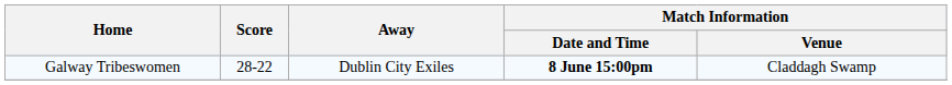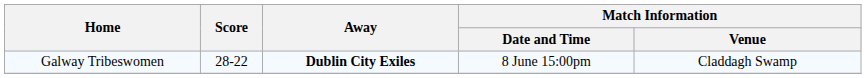 <table class="wikitable" border=1 style="border-collapse:collapse; font-size:90%; text-align:center;" cellpadding=3 cellspacing=0 width=100%>
 <tr style="background:#C1D8ff;">
 <th rowspan="2" width="19%">Home</th>
 <th rowspan="2" width="6%">Score</th>
 <th rowspan="2" width="19%">Away</th>
 <th colspan="4">Match Information</th>
 </tr>
 <tr style="background:#CCCCCC;">
 <th width="17%">Date and Time</th>
 <th width="22%">Venue</th>
 </tr>
 <tr bgcolor="#F5FAFF">
 <td>Galway Tribeswomen</td>
 <td>28-22</td>
-<td>Dublin City Exiles</td>
-<td><strong>8 June  15:00pm</strong></td>
+<td><strong>Dublin City Exiles</strong></td>
+<td>8 June  15:00pm</td>
 <td>Claddagh Swamp</td>
 </tr>
 <tr bgcolor="#F5FAFF">
 </tr>
 </table>
